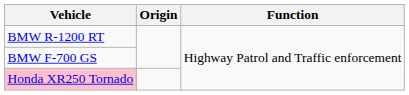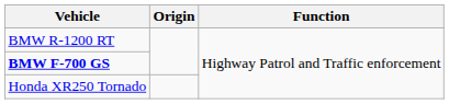 <table class="wikitable">
 <tr>
 <th>Vehicle</th>
 <th>Origin</th>
 <th>Function</th>
 </tr>
 <tr>
 <td><a href='#'>BMW R-1200 RT</a></td>
 <td rowspan="2"></td>
 <td rowspan="3">Highway Patrol and Traffic enforcement</td>
 </tr>
 <tr>
-<td><a href='#'>BMW F-700 GS</a></td>
+<td><strong><a href='#'>BMW F-700 GS</a></strong></td>
 </tr>
 <tr>
-<td style="background: pink;"><a href='#'>Honda XR250 Tornado</a></td>
+<td><a href='#'>Honda XR250 Tornado</a></td>
 <td rowspan="1"></td>
 </tr>
 </table>
